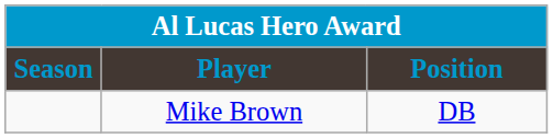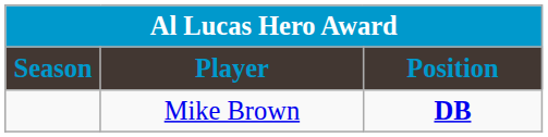 <table class="wikitable sortable" style="text-align:center">
 <tr>
 <td colspan="4" style="background:#09C; color:#fff;"><strong>Al Lucas Hero Award</strong></td>
 </tr>
 <tr>
 <th style="width:50px; background:#423732; color:#09C;">Season</th>
 <th style="width:150px; background:#423732; color:#09C;">Player</th>
 <th style="width:100px; background:#423732; color:#09C;">Position</th>
 </tr>
 <tr>
 <td></td>
 <td><a href='#'>Mike Brown</a></td>
-<td><a href='#'>DB</a></td>
+<td><strong><a href='#'>DB</a></strong></td>
 </tr>
 </table>
